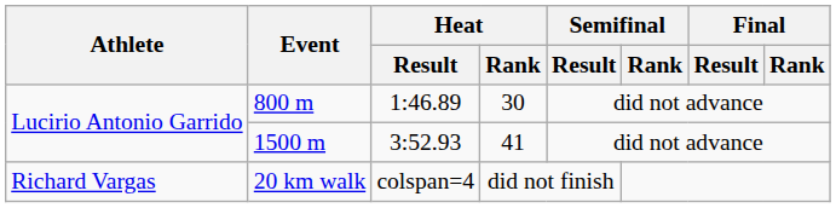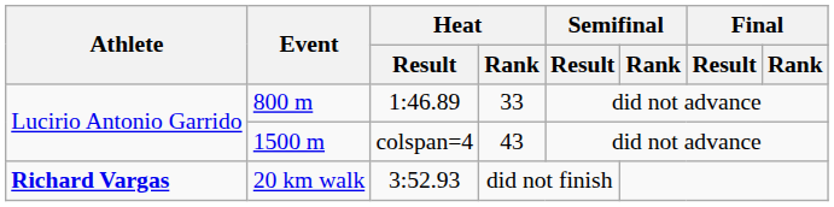 <table class="wikitable"  style=font-size:90%>
 <tr>
 <th rowspan="2">Athlete</th>
 <th rowspan="2">Event</th>
 <th colspan="2">Heat</th>
 <th colspan="2">Semifinal</th>
 <th colspan="2">Final</th>
 </tr>
 <tr>
 <th>Result</th>
 <th>Rank</th>
 <th>Result</th>
 <th>Rank</th>
 <th>Result</th>
 <th>Rank</th>
 </tr>
 <tr style=text-align:center>
 <td style=text-align:left rowspan=2><a href='#'>Lucirio Antonio Garrido</a></td>
 <td style=text-align:left><a href='#'>800 m</a></td>
 <td>1:46.89</td>
-<td>30</td>
+<td>33</td>
 <td colspan=4>did not advance</td>
 </tr>
 <tr style=text-align:center>
 <td style=text-align:left><a href='#'>1500 m</a></td>
-<td>3:52.93</td>
-<td>41</td>
+<td>colspan=4</td>
+<td>43</td>
 <td colspan=4>did not advance</td>
 </tr>
 <tr style=text-align:center>
-<td style=text-align:left><a href='#'>Richard Vargas</a></td>
+<td style=text-align:left><strong><a href='#'>Richard Vargas</a></strong></td>
 <td style=text-align:left><a href='#'>20 km walk</a></td>
-<td>colspan=4</td>
+<td>3:52.93</td>
 <td colspan=2>did not finish</td>
 </tr>
 </table>
